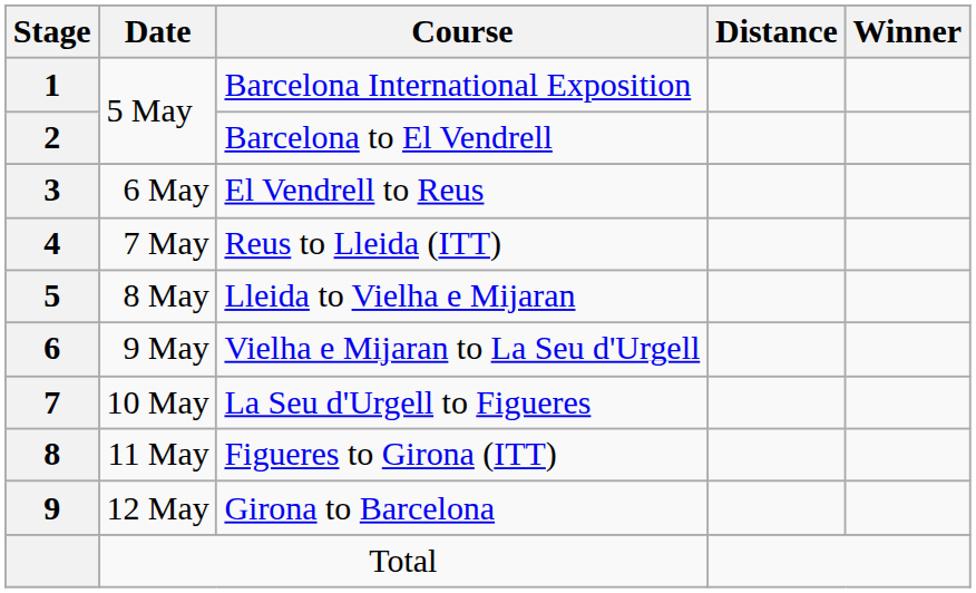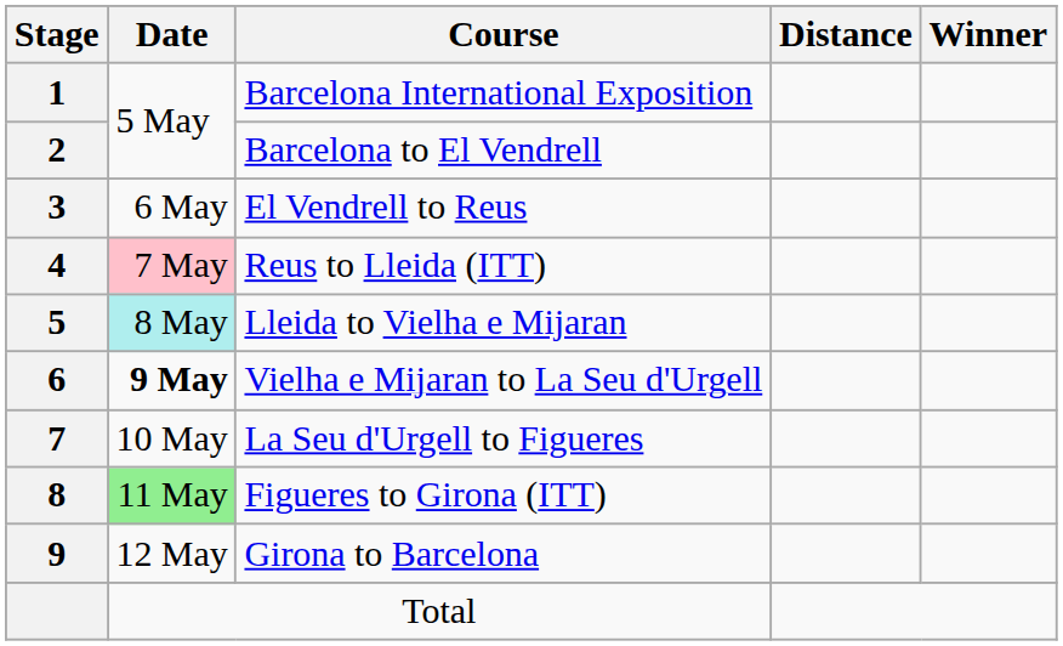 <table class="wikitable">
 <tr>
 <th scope="col">Stage</th>
 <th scope="col">Date</th>
 <th scope="col">Course</th>
 <th scope="col">Distance</th>
 <th scope="col">Winner</th>
 </tr>
 <tr>
 <th scope="row">1</th>
 <td rowspan="2">5 May</td>
 <td><a href='#'>Barcelona International Exposition</a></td>
 <td style="text-align:center;"></td>
 <td></td>
 </tr>
 <tr>
 <th scope="row">2</th>
 <td><a href='#'>Barcelona</a> to <a href='#'>El Vendrell</a></td>
 <td style="text-align:center;"></td>
 <td></td>
 </tr>
 <tr>
 <th scope="row">3</th>
 <td style="text-align:right">6 May</td>
 <td><a href='#'>El Vendrell</a> to <a href='#'>Reus</a></td>
 <td style="text-align:center;"></td>
 <td></td>
 </tr>
 <tr>
 <th scope="row">4</th>
-<td style="text-align:right">7 May</td>
+<td style="background: pink; text-align:right">7 May</td>
 <td><a href='#'>Reus</a> to <a href='#'>Lleida</a> (<a href='#'>ITT</a>)</td>
 <td style="text-align:center;"></td>
 <td></td>
 </tr>
 <tr>
 <th scope="row">5</th>
-<td style="text-align:right">8 May</td>
+<td style="background: paleturquoise; text-align:right">8 May</td>
 <td><a href='#'>Lleida</a> to <a href='#'>Vielha e Mijaran</a></td>
 <td style="text-align:center;"></td>
 <td></td>
 </tr>
 <tr>
 <th scope="row">6</th>
-<td style="text-align:right">9 May</td>
+<td style="text-align:right"><strong>9 May</strong></td>
 <td><a href='#'>Vielha e Mijaran</a> to <a href='#'>La Seu d'Urgell</a></td>
 <td style="text-align:center;"></td>
 <td></td>
 </tr>
 <tr>
 <th scope="row">7</th>
 <td style="text-align:right">10 May</td>
 <td><a href='#'>La Seu d'Urgell</a> to <a href='#'>Figueres</a></td>
 <td style="text-align:center;"></td>
 <td></td>
 </tr>
 <tr>
 <th scope="row">8</th>
-<td style="text-align:right">11 May</td>
+<td style="background: lightgreen; text-align:right">11 May</td>
 <td><a href='#'>Figueres</a> to <a href='#'>Girona</a> (<a href='#'>ITT</a>)</td>
 <td style="text-align:center;"></td>
 <td></td>
 </tr>
 <tr>
 <th scope="row">9</th>
 <td style="text-align:right">12 May</td>
 <td><a href='#'>Girona</a> to <a href='#'>Barcelona</a></td>
 <td style="text-align:center;"></td>
 <td></td>
 </tr>
 <tr>
 <th scope="row"></th>
 <td colspan="2" style="text-align:center">Total</td>
 <td colspan="5" style="text-align:center"></td>
 </tr>
 </table>
